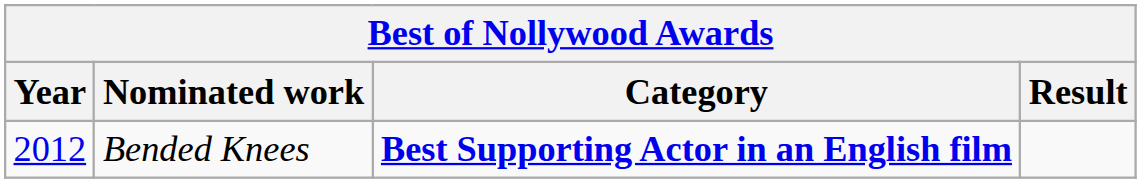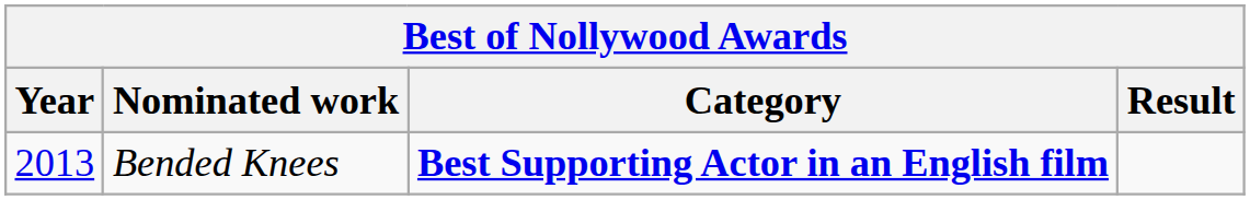 <table class="wikitable">
 <tr>
 <th colspan="5"><a href='#'>Best of Nollywood Awards</a></th>
 </tr>
 <tr>
 <th>Year</th>
 <th>Nominated work</th>
 <th>Category</th>
 <th>Result</th>
 </tr>
 <tr>
-<td><a href='#'>2012</a></td>
+<td><a href='#'>2013</a></td>
 <td><em>Bended Knees</em></td>
 <td><strong><a href='#'>Best Supporting Actor in an English film</a></strong></td>
 <td></td>
 </tr>
 </table>
